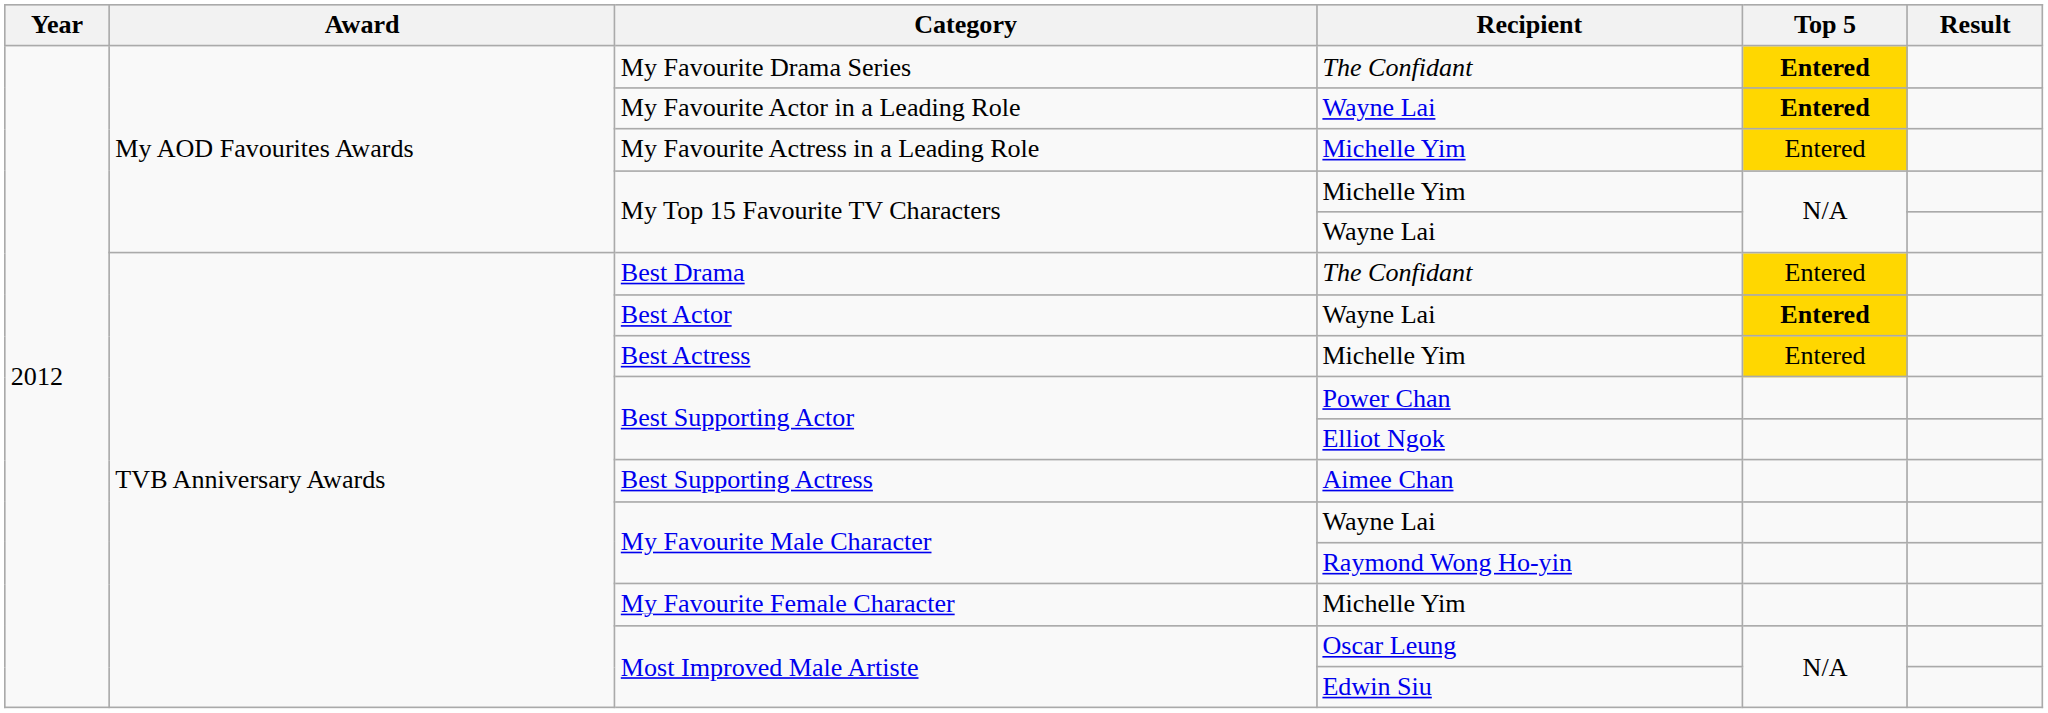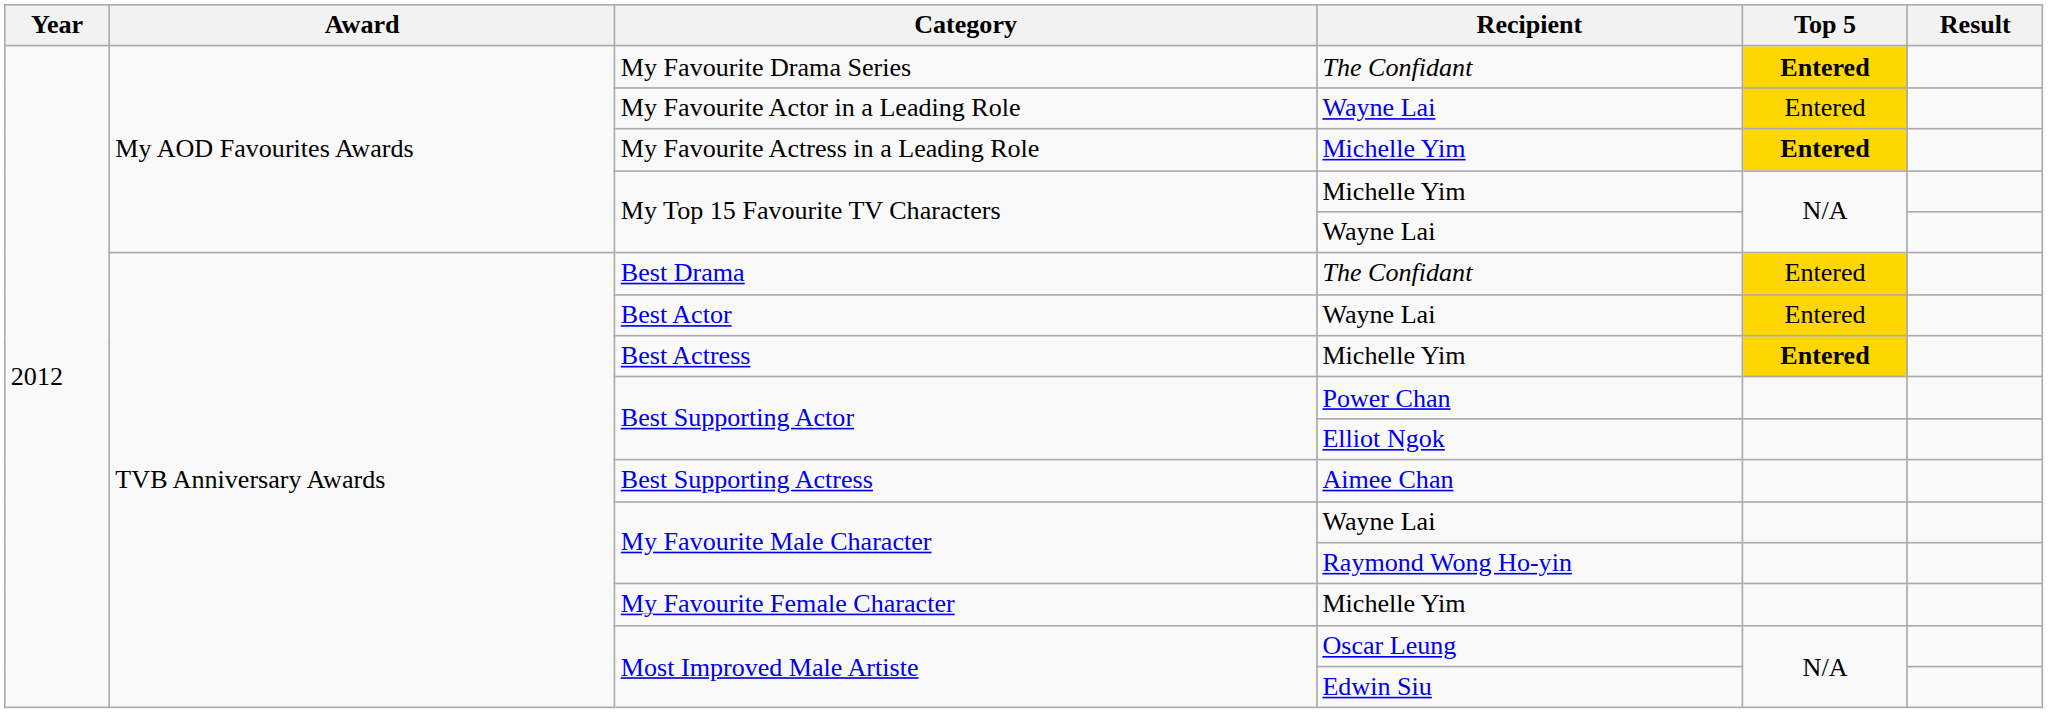 <table class="wikitable" style="width:99%;">
 <tr>
 <th>Year</th>
 <th>Award</th>
 <th>Category</th>
 <th>Recipient</th>
 <th>Top 5</th>
 <th>Result</th>
 </tr>
 <tr>
 <td rowspan="16">2012</td>
 <td rowspan="5">My AOD Favourites Awards</td>
 <td>My Favourite Drama Series</td>
 <td><em>The Confidant</em></td>
 <td td style="background:gold; text-align:center;"><strong>Entered</strong></td>
 <td></td>
 </tr>
 <tr>
 <td>My Favourite Actor in a Leading Role</td>
 <td><a href='#'>Wayne Lai</a></td>
-<td td style="background:gold; text-align:center;"><strong>Entered</strong></td>
+<td td style="background:gold; text-align:center;">Entered</td>
 <td></td>
 </tr>
 <tr>
 <td>My Favourite Actress in a Leading Role</td>
 <td><a href='#'>Michelle Yim</a></td>
-<td td style="background:gold; text-align:center;">Entered</td>
+<td td style="background:gold; text-align:center;"><strong>Entered</strong></td>
 <td></td>
 </tr>
 <tr>
 <td rowspan=2>My Top 15 Favourite TV Characters</td>
 <td>Michelle Yim</td>
 <td rowspan=2 style="text-align:center;">N/A</td>
 <td></td>
 </tr>
 <tr>
 <td>Wayne Lai</td>
 <td></td>
 </tr>
 <tr>
 <td rowspan="11">TVB Anniversary Awards</td>
 <td><a href='#'>Best Drama</a></td>
 <td><em>The Confidant</em></td>
 <td td style="background:gold; text-align:center;">Entered</td>
 <td></td>
 </tr>
 <tr>
 <td><a href='#'>Best Actor</a></td>
 <td>Wayne Lai</td>
-<td td style="background:gold; text-align:center;"><strong>Entered</strong></td>
+<td td style="background:gold; text-align:center;">Entered</td>
 <td></td>
 </tr>
 <tr>
 <td><a href='#'>Best Actress</a></td>
 <td>Michelle Yim</td>
-<td td style="background:gold; text-align:center;">Entered</td>
+<td td style="background:gold; text-align:center;"><strong>Entered</strong></td>
 <td></td>
 </tr>
 <tr>
 <td rowspan=2><a href='#'>Best Supporting Actor</a></td>
 <td><a href='#'>Power Chan</a></td>
 <td></td>
 <td></td>
 </tr>
 <tr>
 <td><a href='#'>Elliot Ngok</a></td>
 <td></td>
 <td></td>
 </tr>
 <tr>
 <td><a href='#'>Best Supporting Actress</a></td>
 <td><a href='#'>Aimee Chan</a></td>
 <td></td>
 <td></td>
 </tr>
 <tr>
 <td rowspan=2><a href='#'>My Favourite Male Character</a></td>
 <td>Wayne Lai</td>
 <td></td>
 <td></td>
 </tr>
 <tr>
 <td><a href='#'>Raymond Wong Ho-yin</a></td>
 <td></td>
 <td></td>
 </tr>
 <tr>
 <td><a href='#'>My Favourite Female Character</a></td>
 <td>Michelle Yim</td>
 <td></td>
 <td></td>
 </tr>
 <tr>
 <td rowspan=2><a href='#'>Most Improved Male Artiste</a></td>
 <td><a href='#'>Oscar Leung</a></td>
 <td rowspan=2 style="text-align:center;">N/A</td>
 <td></td>
 </tr>
 <tr>
 <td><a href='#'>Edwin Siu</a></td>
 <td></td>
 </tr>
 </table>
